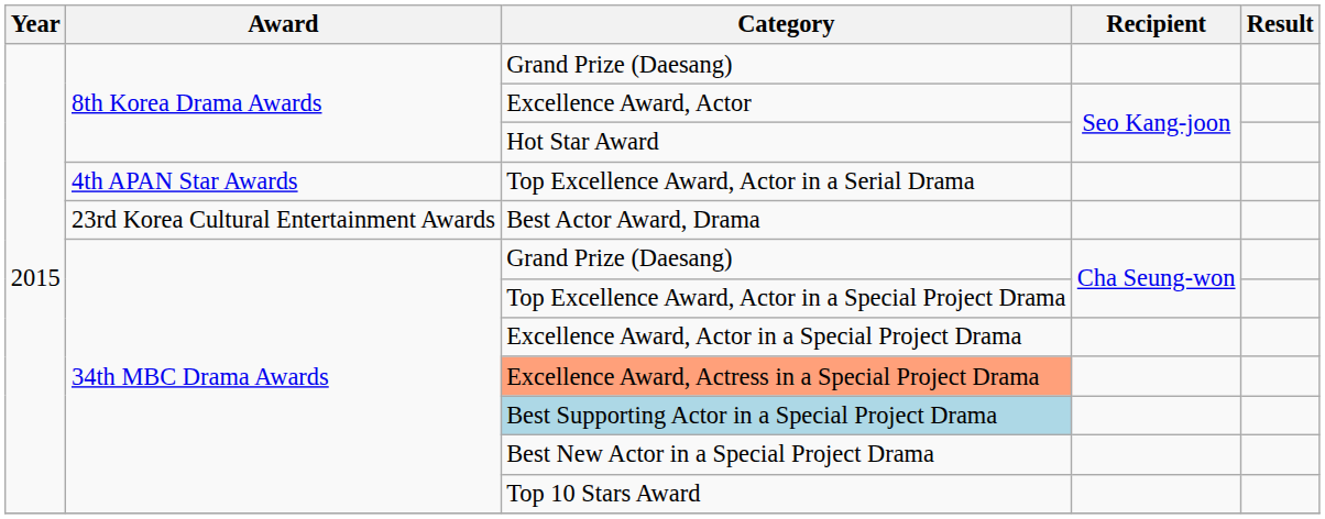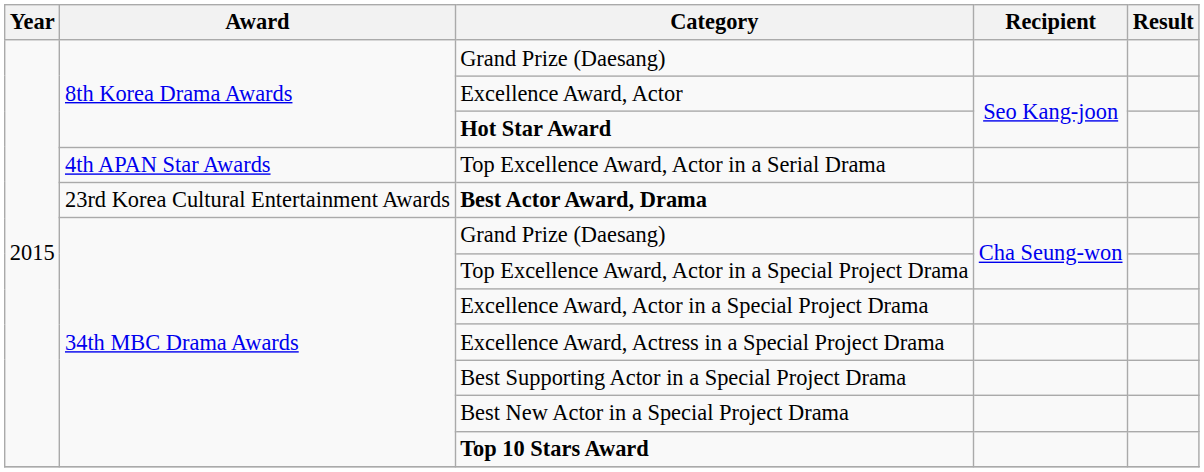 <table class="wikitable">
 <tr>
 <th>Year</th>
 <th>Award</th>
 <th>Category</th>
 <th>Recipient</th>
 <th>Result</th>
 </tr>
 <tr>
 <td rowspan="12" style="text-align:center;">2015</td>
 <td rowspan="3"><a href='#'>8th Korea Drama Awards</a></td>
 <td>Grand Prize (Daesang)</td>
 <td></td>
 <td></td>
 </tr>
 <tr>
 <td>Excellence Award, Actor</td>
 <td rowspan="2" style="text-align:center;"><a href='#'>Seo Kang-joon</a></td>
 <td></td>
 </tr>
 <tr>
-<td>Hot Star Award</td>
+<td><strong>Hot Star Award</strong></td>
 <td></td>
 </tr>
 <tr>
 <td><a href='#'>4th APAN Star Awards</a></td>
 <td>Top Excellence Award, Actor in a Serial Drama</td>
 <td></td>
 <td></td>
 </tr>
 <tr>
 <td>23rd Korea Cultural Entertainment Awards </td>
-<td>Best Actor Award, Drama</td>
+<td><strong>Best Actor Award, Drama</strong></td>
 <td></td>
 <td></td>
 </tr>
 <tr>
 <td rowspan="7"><a href='#'>34th MBC Drama Awards</a></td>
 <td>Grand Prize (Daesang)</td>
 <td rowspan="2" style="text-align:center;"><a href='#'>Cha Seung-won</a></td>
 <td></td>
 </tr>
 <tr>
 <td>Top Excellence Award, Actor in a Special Project Drama</td>
 <td></td>
 </tr>
 <tr>
 <td>Excellence Award, Actor in a Special Project Drama</td>
 <td></td>
 <td></td>
 </tr>
 <tr>
-<td style="background: lightsalmon;">Excellence Award, Actress in a Special Project Drama</td>
+<td>Excellence Award, Actress in a Special Project Drama</td>
 <td></td>
 <td></td>
 </tr>
 <tr>
-<td style="background: lightblue;">Best Supporting Actor in a Special Project Drama</td>
+<td>Best Supporting Actor in a Special Project Drama</td>
 <td></td>
 <td></td>
 </tr>
 <tr>
 <td>Best New Actor in a Special Project Drama</td>
 <td></td>
 <td></td>
 </tr>
 <tr>
-<td>Top 10 Stars Award</td>
+<td><strong>Top 10 Stars Award</strong></td>
 <td></td>
 <td></td>
 </tr>
 <tr>
 </tr>
 </table>
